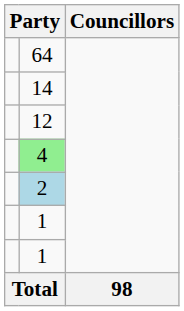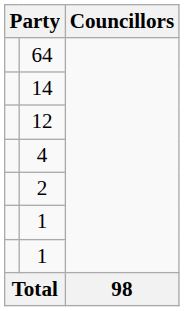 <table class="wikitable">
 <tr>
 <th colspan="2">Party</th>
 <th>Councillors</th>
 </tr>
 <tr>
 <td></td>
 <td align=center>64</td>
 </tr>
 <tr>
 <td></td>
 <td align=center>14</td>
 </tr>
 <tr>
 <td></td>
 <td align=center>12</td>
 </tr>
 <tr>
 <td></td>
-<td align=center style="background: lightgreen;">4</td>
+<td align=center>4</td>
 </tr>
 <tr>
 <td></td>
-<td align=center style="background: lightblue;">2</td>
+<td align=center>2</td>
 </tr>
 <tr>
 <td></td>
 <td align=center>1</td>
 </tr>
 <tr>
 <td></td>
 <td align=center>1</td>
 </tr>
 <tr>
 <th colspan="2">Total</th>
 <th>98</th>
 </tr>
 </table>
